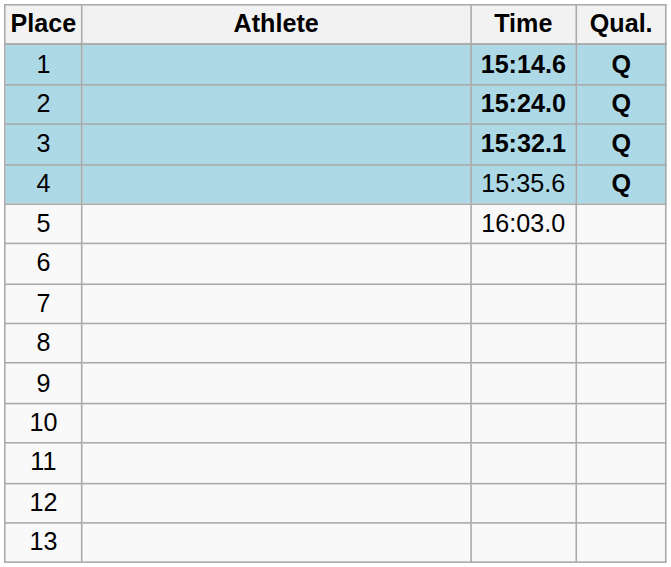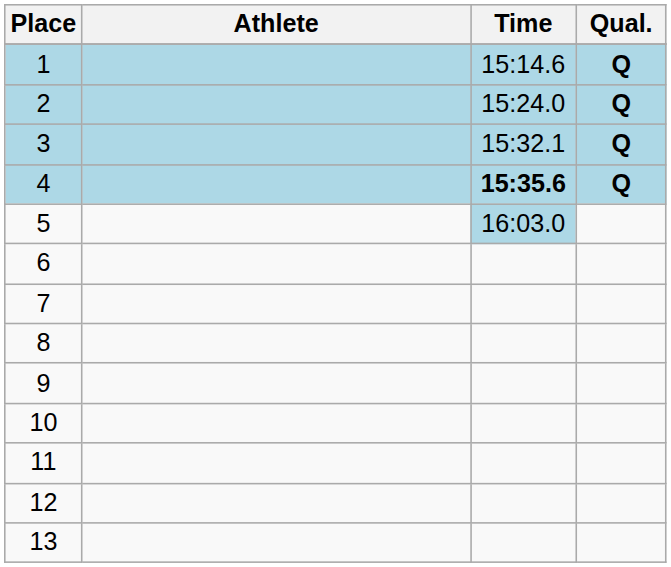 <table class=wikitable style="text-align:center">
 <tr>
 <th width=20>Place</th>
 <th width=240>Athlete</th>
 <th width=60>Time</th>
 <th width=50>Qual.</th>
 </tr>
 <tr>
 </tr>
 <tr bgcolor=lightblue>
 <td>1</td>
 <td align=left></td>
-<td><strong>15:14.6</strong></td>
+<td>15:14.6</td>
 <td><strong>Q</strong></td>
 </tr>
 <tr bgcolor=lightblue>
 <td>2</td>
 <td align=left></td>
-<td><strong>15:24.0</strong></td>
+<td>15:24.0</td>
 <td><strong>Q</strong></td>
 </tr>
 <tr bgcolor=lightblue>
 <td>3</td>
 <td align=left></td>
-<td><strong>15:32.1</strong></td>
+<td>15:32.1</td>
 <td><strong>Q</strong></td>
 </tr>
 <tr bgcolor=lightblue>
 <td>4</td>
 <td align=left></td>
-<td>15:35.6</td>
+<td><strong>15:35.6</strong></td>
 <td><strong>Q</strong></td>
 </tr>
 <tr>
 <td>5</td>
 <td align=left></td>
-<td>16:03.0</td>
+<td style="background: lightblue;">16:03.0</td>
 <td></td>
 </tr>
 <tr>
 <td>6</td>
 <td align=left></td>
 <td></td>
 <td></td>
 </tr>
 <tr>
 <td>7</td>
 <td align=left></td>
 <td></td>
 <td></td>
 </tr>
 <tr>
 <td>8</td>
 <td align=left></td>
 <td></td>
 <td></td>
 </tr>
 <tr>
 <td>9</td>
 <td align=left></td>
 <td></td>
 <td></td>
 </tr>
 <tr>
 <td>10</td>
 <td align=left></td>
 <td></td>
 <td></td>
 </tr>
 <tr>
 <td>11</td>
 <td align=left></td>
 <td></td>
 <td></td>
 </tr>
 <tr>
 <td>12</td>
 <td align=left></td>
 <td></td>
 <td></td>
 </tr>
 <tr>
 <td>13</td>
 <td align=left></td>
 <td></td>
 <td></td>
 </tr>
 </table>
